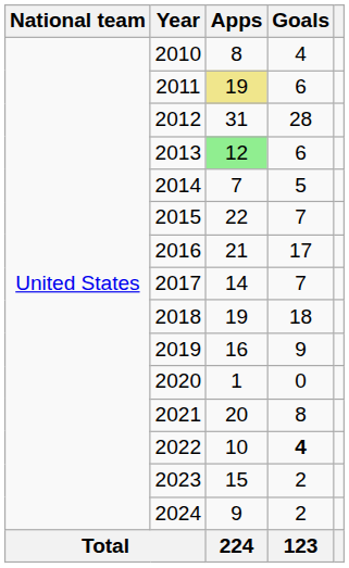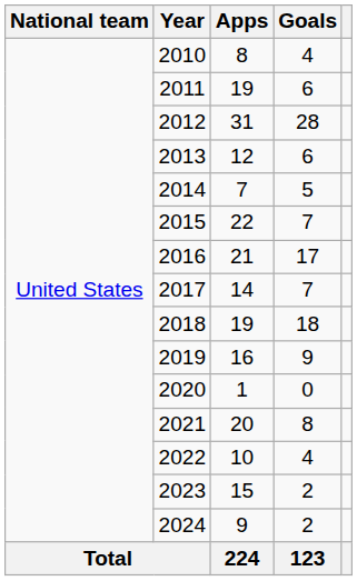 <table class="wikitable" style="text-align:center">
 <tr>
 <th>National team</th>
 <th>Year</th>
 <th>Apps</th>
 <th>Goals</th>
 <th></th>
 </tr>
 <tr>
 <td rowspan=15><a href='#'>United States</a></td>
 <td>2010</td>
 <td>8</td>
 <td>4</td>
 <td></td>
 </tr>
 <tr>
 <td>2011</td>
-<td style="background: khaki;">19</td>
+<td>19</td>
 <td>6</td>
 <td></td>
 </tr>
 <tr>
 <td>2012</td>
 <td>31</td>
 <td>28</td>
 <td></td>
 </tr>
 <tr>
 <td>2013</td>
-<td style="background: lightgreen;">12</td>
+<td>12</td>
 <td>6</td>
 <td></td>
 </tr>
 <tr>
 <td>2014</td>
 <td>7</td>
 <td>5</td>
 <td></td>
 </tr>
 <tr>
 <td>2015</td>
 <td>22</td>
 <td>7</td>
 <td></td>
 </tr>
 <tr>
 <td>2016</td>
 <td>21</td>
 <td>17</td>
 <td></td>
 </tr>
 <tr>
 <td>2017</td>
 <td>14</td>
 <td>7</td>
 <td></td>
 </tr>
 <tr>
 <td>2018</td>
 <td>19</td>
 <td>18</td>
 <td></td>
 </tr>
 <tr>
 <td>2019</td>
 <td>16</td>
 <td>9</td>
 <td></td>
 </tr>
 <tr>
 <td>2020</td>
 <td>1</td>
 <td>0</td>
 <td></td>
 </tr>
 <tr>
 <td>2021</td>
 <td>20</td>
 <td>8</td>
 <td></td>
 </tr>
 <tr>
 <td>2022</td>
 <td>10</td>
-<td><strong>4</strong></td>
+<td>4</td>
 <td></td>
 </tr>
 <tr>
 <td>2023</td>
 <td>15</td>
 <td>2</td>
 <td></td>
 </tr>
 <tr>
 <td>2024</td>
 <td>9</td>
 <td>2</td>
 <td></td>
 </tr>
 <tr>
 <th colspan=2>Total</th>
 <th>224</th>
 <th>123</th>
 <th></th>
 </tr>
 </table>
